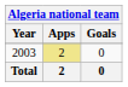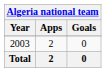 <table class="wikitable" style="text-align:center">
 <tr>
 <th colspan=3><a href='#'>Algeria national team</a></th>
 </tr>
 <tr>
 <th>Year</th>
 <th>Apps</th>
 <th>Goals</th>
 </tr>
 <tr>
 </tr>
 <tr Bizerte>
 <td>2003</td>
-<td style="background: khaki;">2</td>
+<td>2</td>
 <td>0</td>
 </tr>
 <tr>
 <th>Total</th>
 <th>2</th>
 <th>0</th>
 </tr>
 </table>
